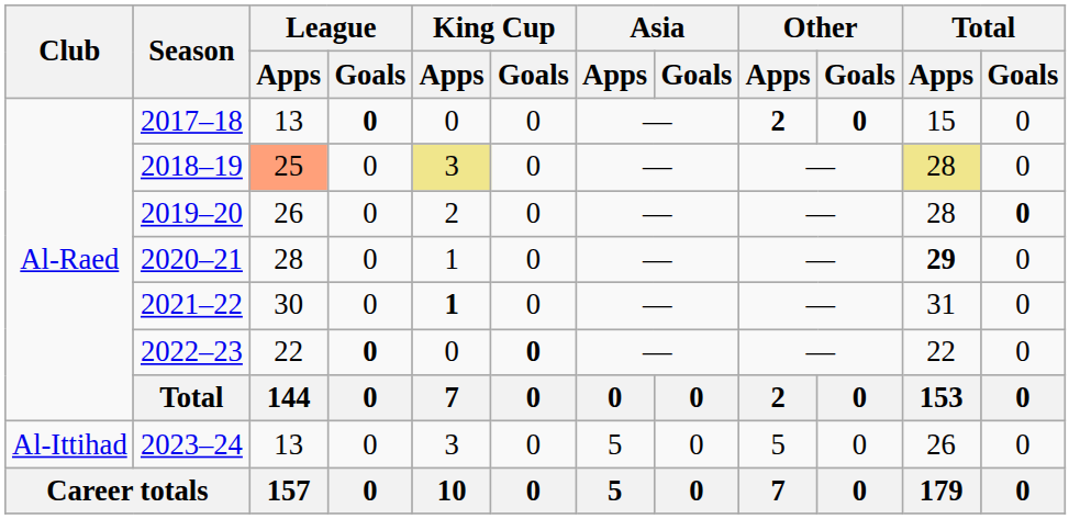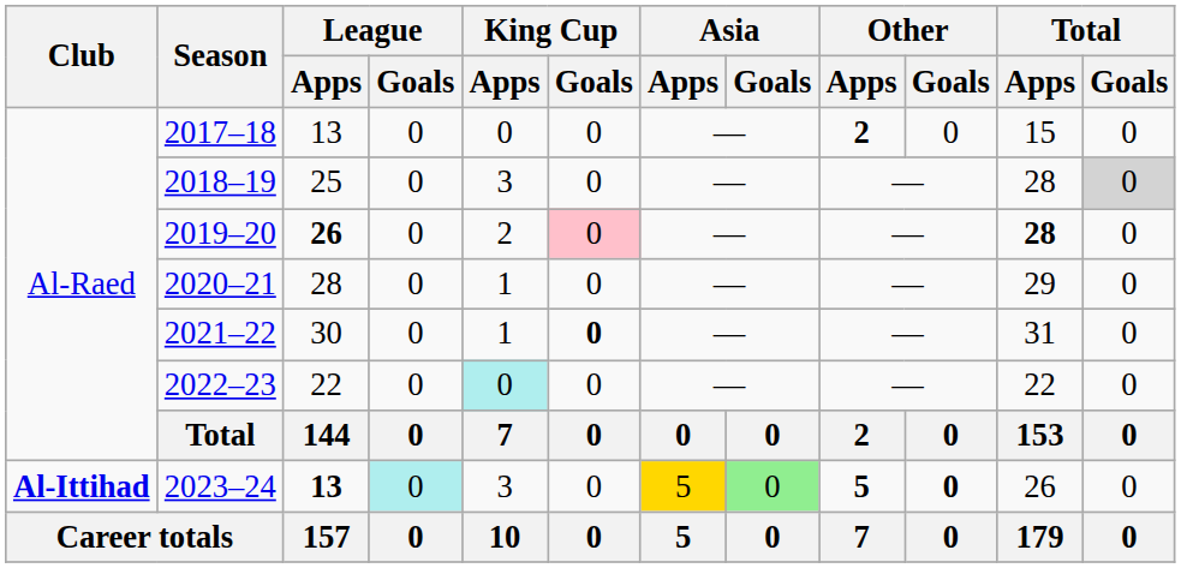 <table class="wikitable" style="text-align: center">
 <tr>
 <th rowspan=2>Club</th>
 <th rowspan=2>Season</th>
 <th colspan=2>League</th>
 <th colspan=2>King Cup</th>
 <th colspan=2>Asia</th>
 <th colspan=2>Other</th>
 <th colspan=2>Total</th>
 </tr>
 <tr>
 <th>Apps</th>
 <th>Goals</th>
 <th>Apps</th>
 <th>Goals</th>
 <th>Apps</th>
 <th>Goals</th>
 <th>Apps</th>
 <th>Goals</th>
 <th>Apps</th>
 <th>Goals</th>
 </tr>
 <tr>
 <td rowspan=7><a href='#'>Al-Raed</a></td>
 <td><a href='#'>2017–18</a></td>
 <td>13</td>
-<td><strong>0</strong></td>
+<td>0</td>
 <td>0</td>
 <td>0</td>
 <td colspan=2>—</td>
 <td><strong>2</strong></td>
-<td><strong>0</strong></td>
+<td>0</td>
 <td>15</td>
 <td>0</td>
 </tr>
 <tr>
 <td><a href='#'>2018–19</a></td>
-<td style="background: lightsalmon;">25</td>
+<td>25</td>
 <td>0</td>
-<td style="background: khaki;">3</td>
-<td>0</td>
-<td colspan=2>—</td>
-<td colspan=2>—</td>
-<td style="background: khaki;">28</td>
-<td>0</td>
-</tr>
-<tr>
-<td><a href='#'>2019–20</a></td>
-<td>26</td>
-<td>0</td>
-<td>2</td>
+<td>3</td>
 <td>0</td>
 <td colspan=2>—</td>
 <td colspan=2>—</td>
 <td>28</td>
-<td><strong>0</strong></td>
+<td style="background: lightgrey;">0</td>
+</tr>
+<tr>
+<td><a href='#'>2019–20</a></td>
+<td><strong>26</strong></td>
+<td>0</td>
+<td>2</td>
+<td style="background: pink;">0</td>
+<td colspan=2>—</td>
+<td colspan=2>—</td>
+<td><strong>28</strong></td>
+<td>0</td>
 </tr>
 <tr>
 <td><a href='#'>2020–21</a></td>
 <td>28</td>
 <td>0</td>
 <td>1</td>
 <td>0</td>
 <td colspan=2>—</td>
 <td colspan=2>—</td>
-<td><strong>29</strong></td>
+<td>29</td>
 <td>0</td>
 </tr>
 <tr>
 <td><a href='#'>2021–22</a></td>
 <td>30</td>
 <td>0</td>
-<td><strong>1</strong></td>
-<td>0</td>
+<td>1</td>
+<td><strong>0</strong></td>
 <td colspan=2>—</td>
 <td colspan=2>—</td>
 <td>31</td>
 <td>0</td>
 </tr>
 <tr>
 <td><a href='#'>2022–23</a></td>
 <td>22</td>
-<td><strong>0</strong></td>
 <td>0</td>
-<td><strong>0</strong></td>
+<td style="background: paleturquoise;">0</td>
+<td>0</td>
 <td colspan=2>—</td>
 <td colspan=2>—</td>
 <td>22</td>
 <td>0</td>
 </tr>
 <tr>
 <th>Total</th>
 <th>144</th>
 <th>0</th>
 <th>7</th>
 <th>0</th>
 <th>0</th>
 <th>0</th>
 <th>2</th>
 <th>0</th>
 <th>153</th>
 <th>0</th>
 </tr>
 <tr>
-<td rowspan=1><a href='#'>Al-Ittihad</a></td>
+<td rowspan=1><strong><a href='#'>Al-Ittihad</a></strong></td>
 <td><a href='#'>2023–24</a></td>
-<td>13</td>
-<td>0</td>
+<td><strong>13</strong></td>
+<td style="background: paleturquoise;">0</td>
 <td>3</td>
 <td>0</td>
-<td>5</td>
-<td>0</td>
-<td>5</td>
-<td>0</td>
+<td style="background: gold;">5</td>
+<td style="background: lightgreen;">0</td>
+<td><strong>5</strong></td>
+<td><strong>0</strong></td>
 <td>26</td>
 <td>0</td>
 </tr>
 <tr>
 <th colspan=2>Career totals</th>
 <th>157</th>
 <th>0</th>
 <th>10</th>
 <th>0</th>
 <th>5</th>
 <th>0</th>
 <th>7</th>
 <th>0</th>
 <th>179</th>
 <th>0</th>
 </tr>
 </table>
